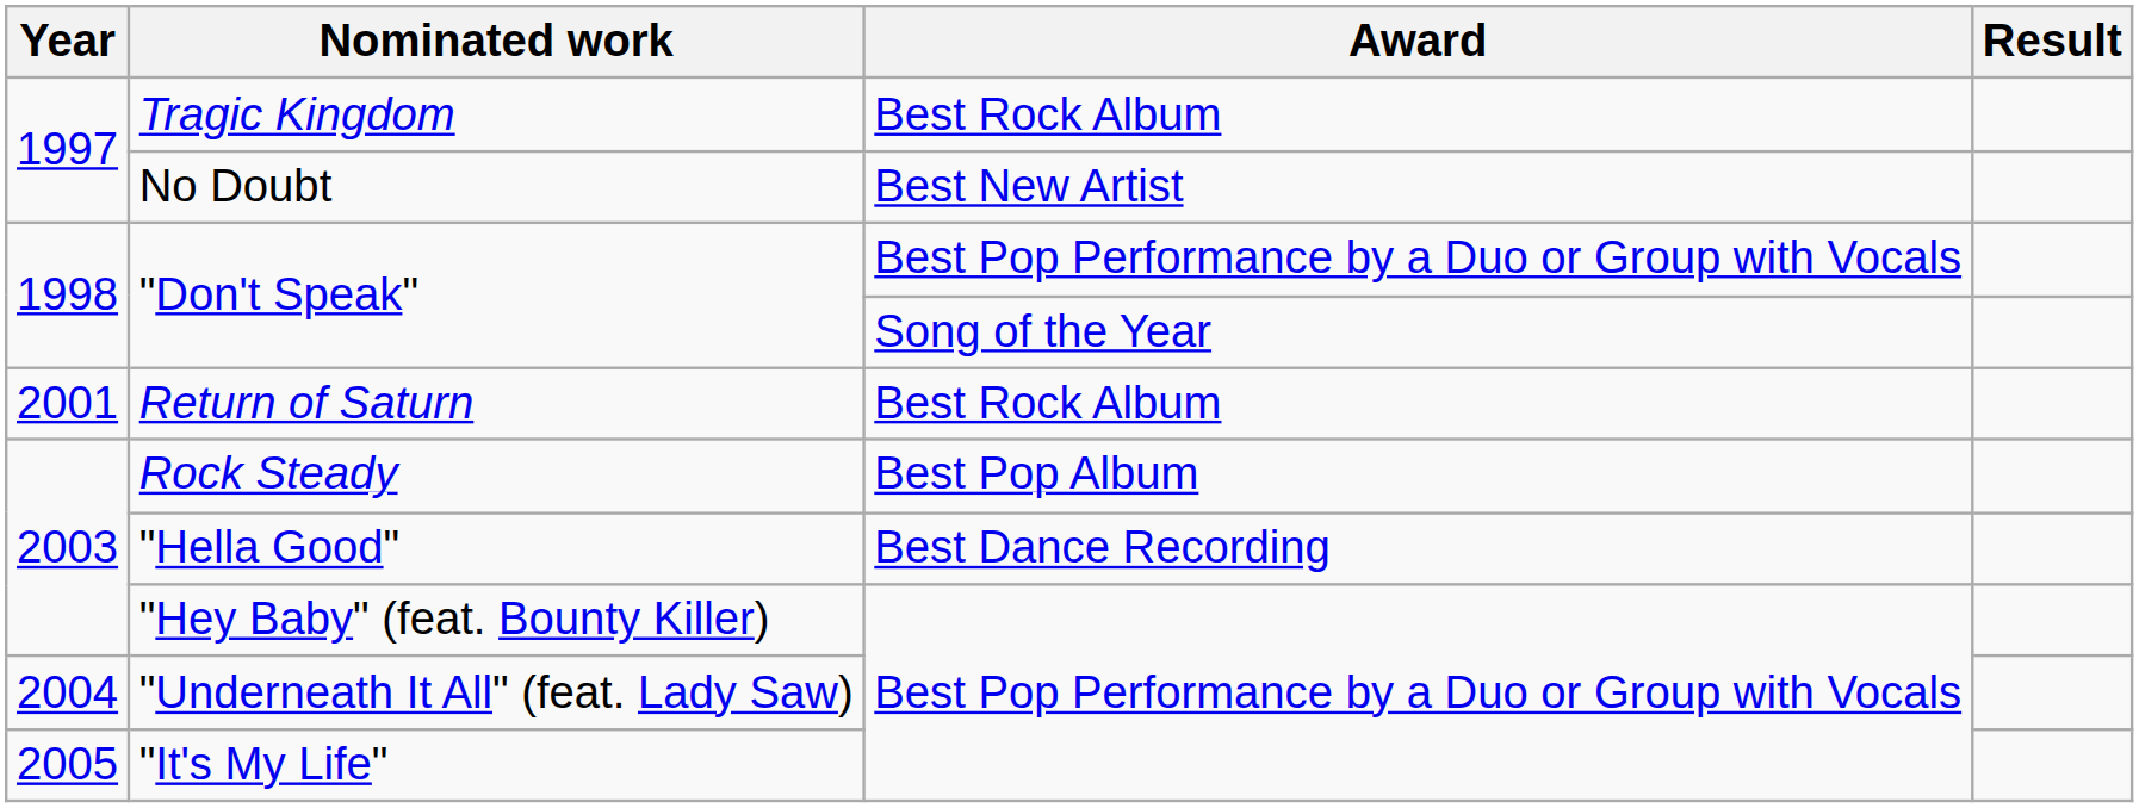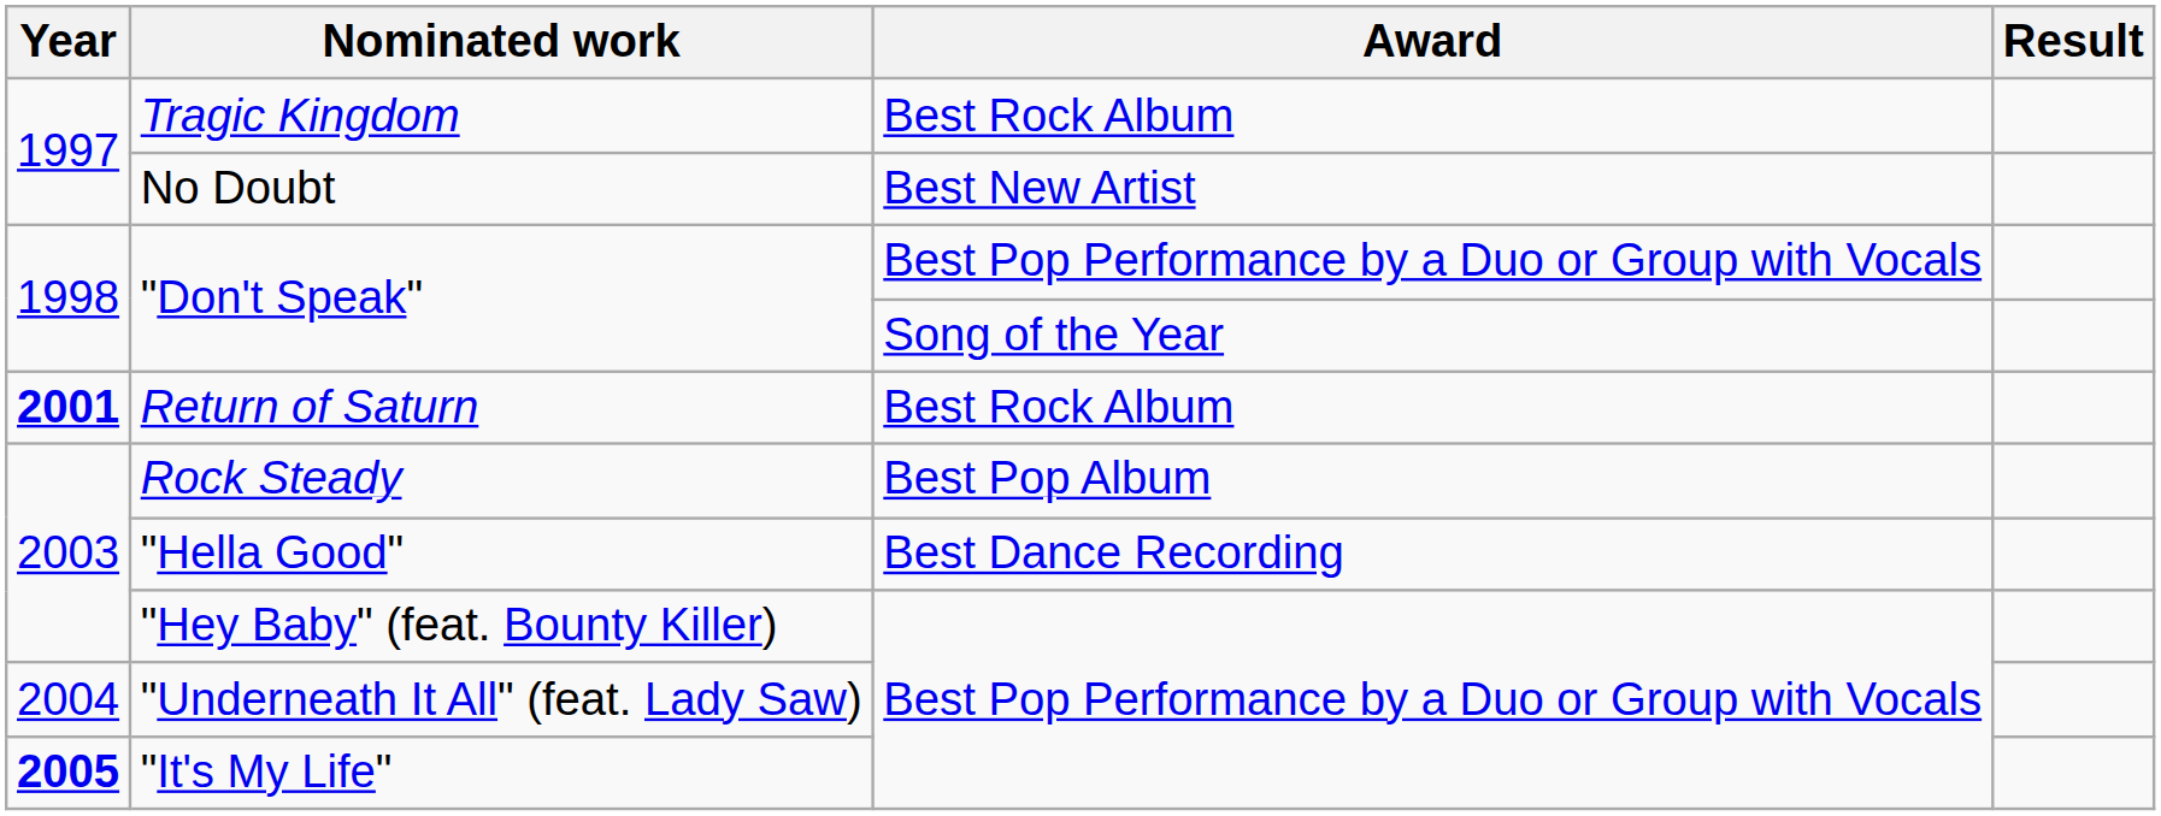 <table class="wikitable">
 <tr>
 <th>Year</th>
 <th>Nominated work</th>
 <th>Award</th>
 <th>Result</th>
 </tr>
 <tr>
 <td rowspan="2"><a href='#'>1997</a></td>
 <td><em><a href='#'>Tragic Kingdom</a></em></td>
 <td><a href='#'>Best Rock Album</a></td>
 <td></td>
 </tr>
 <tr>
 <td>No Doubt</td>
 <td><a href='#'>Best New Artist</a></td>
 <td></td>
 </tr>
 <tr>
 <td rowspan="2"><a href='#'>1998</a></td>
 <td rowspan="2">"<a href='#'>Don't Speak</a>"</td>
 <td><a href='#'>Best Pop Performance by a Duo or Group with Vocals</a></td>
 <td></td>
 </tr>
 <tr>
 <td><a href='#'>Song of the Year</a></td>
 <td></td>
 </tr>
 <tr>
-<td align=center><a href='#'>2001</a></td>
+<td align=center><strong><a href='#'>2001</a></strong></td>
 <td><em><a href='#'>Return of Saturn</a></em></td>
 <td><a href='#'>Best Rock Album</a></td>
 <td></td>
 </tr>
 <tr>
 <td rowspan="3"><a href='#'>2003</a></td>
 <td><em><a href='#'>Rock Steady</a></em></td>
 <td><a href='#'>Best Pop Album</a></td>
 <td></td>
 </tr>
 <tr>
 <td>"<a href='#'>Hella Good</a>"</td>
 <td><a href='#'>Best Dance Recording</a></td>
 <td></td>
 </tr>
 <tr>
 <td>"<a href='#'>Hey Baby</a>" (feat. <a href='#'>Bounty Killer</a>)</td>
 <td rowspan="3"><a href='#'>Best Pop Performance by a Duo or Group with Vocals</a></td>
 <td></td>
 </tr>
 <tr>
 <td align=center><a href='#'>2004</a></td>
 <td>"<a href='#'>Underneath It All</a>" (feat. <a href='#'>Lady Saw</a>)</td>
 <td></td>
 </tr>
 <tr>
-<td align=center><a href='#'>2005</a></td>
+<td align=center><strong><a href='#'>2005</a></strong></td>
 <td>"<a href='#'>It's My Life</a>"</td>
 <td></td>
 </tr>
 </table>
